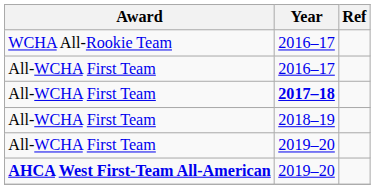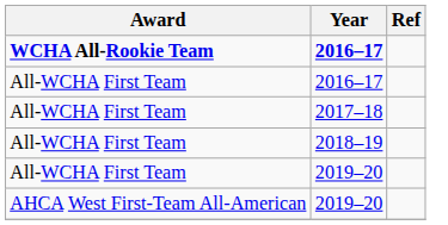 <table class="wikitable">
 <tr>
 <th>Award</th>
 <th>Year</th>
 <th>Ref</th>
 </tr>
 <tr>
-<td><a href='#'>WCHA</a> All-<a href='#'>Rookie Team</a></td>
-<td><a href='#'>2016–17</a></td>
+<td><strong><a href='#'>WCHA</a> All-<a href='#'>Rookie Team</a></strong></td>
+<td><strong><a href='#'>2016–17</a></strong></td>
 <td></td>
 </tr>
 <tr>
 <td>All-<a href='#'>WCHA</a> <a href='#'>First Team</a></td>
 <td><a href='#'>2016–17</a></td>
 <td></td>
 </tr>
 <tr>
 <td>All-<a href='#'>WCHA</a> <a href='#'>First Team</a></td>
-<td><strong><a href='#'>2017–18</a></strong></td>
+<td><a href='#'>2017–18</a></td>
 <td></td>
 </tr>
 <tr>
 <td>All-<a href='#'>WCHA</a> <a href='#'>First Team</a></td>
 <td><a href='#'>2018–19</a></td>
 <td></td>
 </tr>
 <tr>
 <td>All-<a href='#'>WCHA</a> <a href='#'>First Team</a></td>
 <td><a href='#'>2019–20</a></td>
 <td></td>
 </tr>
 <tr>
-<td><strong><a href='#'>AHCA</a> <a href='#'>West First-Team All-American</a></strong></td>
+<td><a href='#'>AHCA</a> <a href='#'>West First-Team All-American</a></td>
 <td><a href='#'>2019–20</a></td>
 <td></td>
 </tr>
 <tr>
 </tr>
 </table>
